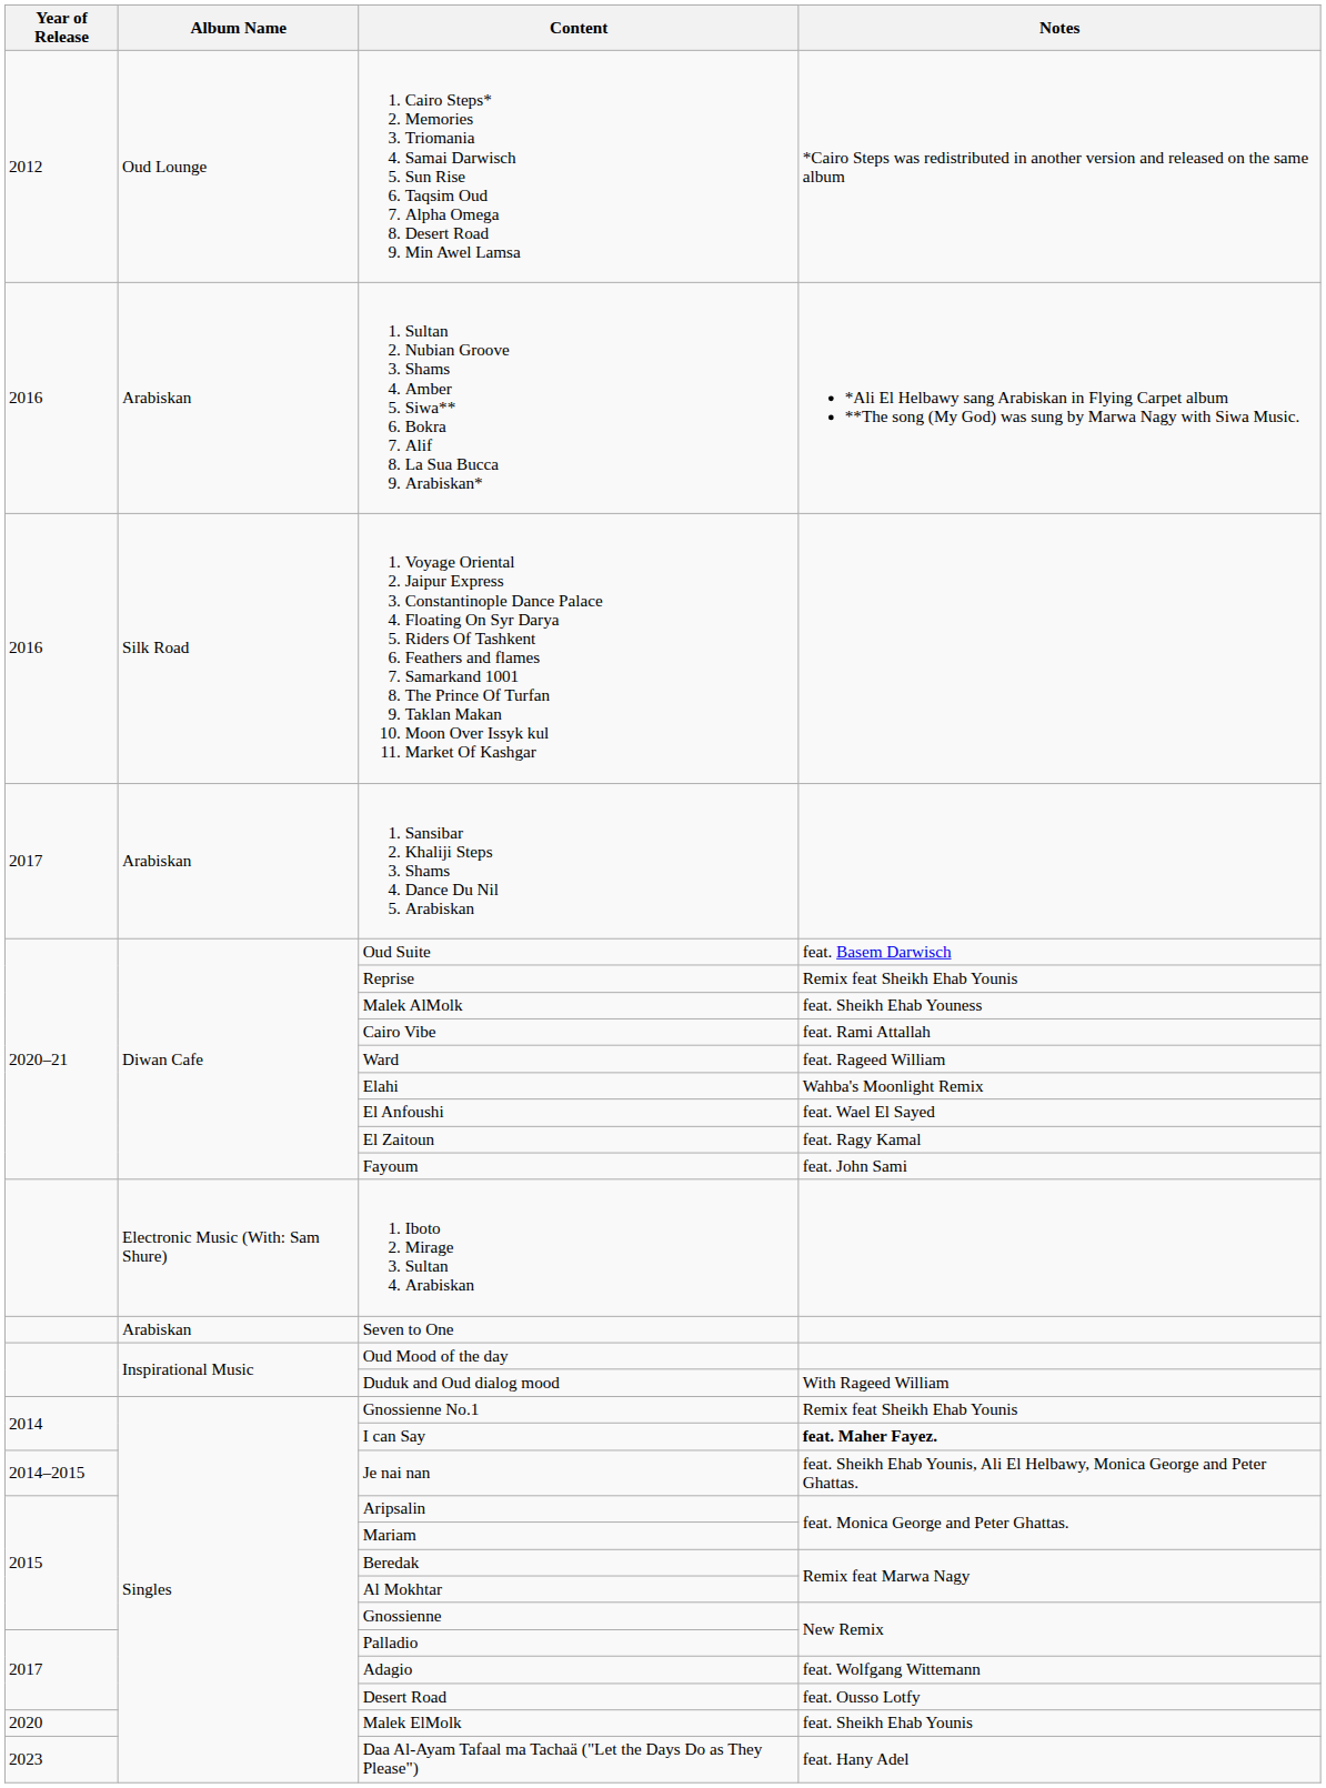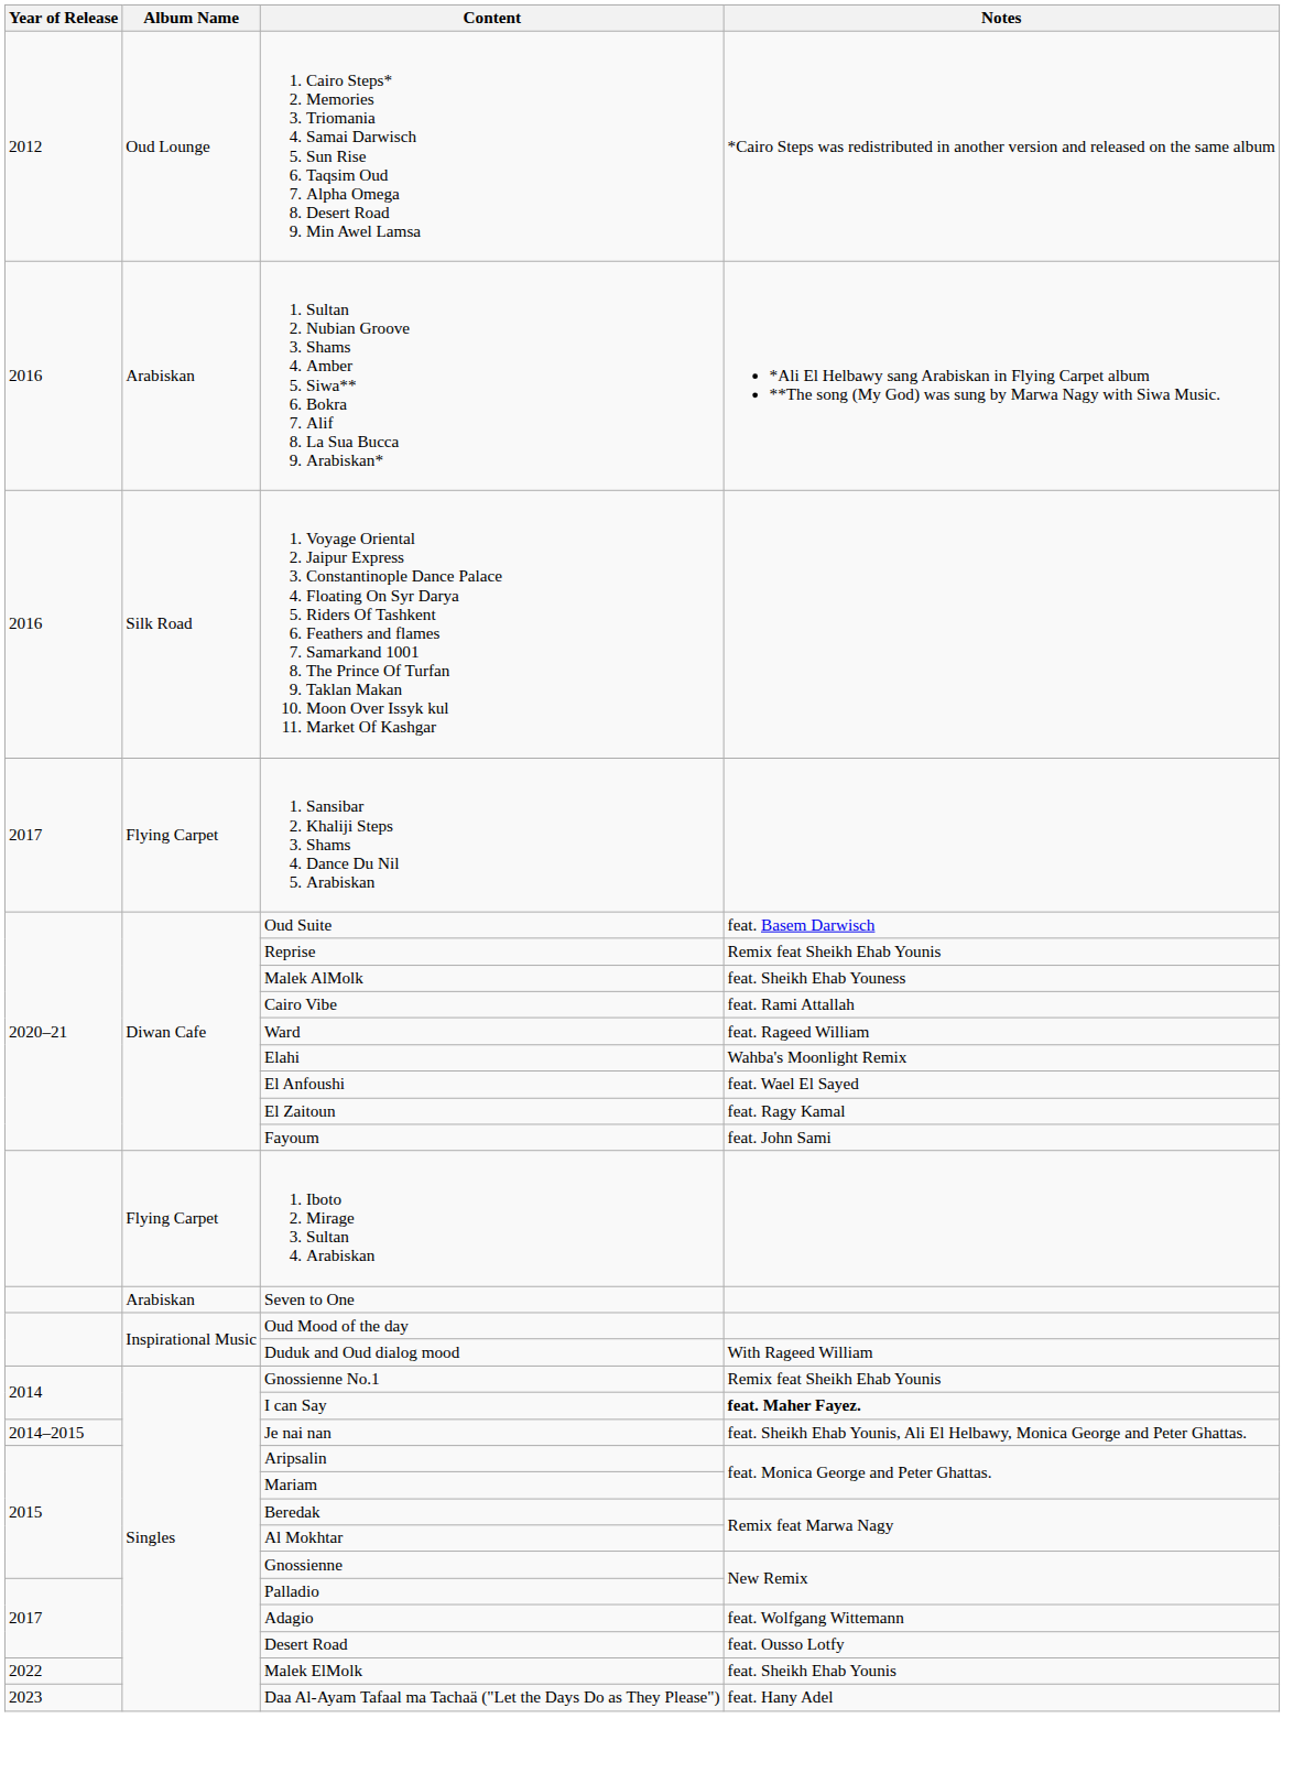 <table class="wikitable">
 <tr>
 <th>Year of Release</th>
 <th>Album Name</th>
 <th>Content</th>
 <th>Notes</th>
 </tr>
 <tr>
 <td>2012</td>
 <td>Oud Lounge</td>
 <td><br><ol><li>Cairo Steps*</li><li>Memories</li><li>Triomania</li><li>Samai Darwisch</li><li>Sun Rise</li><li>Taqsim Oud</li><li>Alpha Omega</li><li>Desert Road</li><li>Min Awel Lamsa</li></ol></td>
 <td>*Cairo Steps was redistributed in another version and released on the same album</td>
 </tr>
 <tr>
 <td>2016</td>
 <td>Arabiskan</td>
 <td><br><ol><li>Sultan</li><li>Nubian Groove</li><li>Shams</li><li>Amber</li><li>Siwa**</li><li>Bokra</li><li>Alif</li><li>La Sua Bucca</li><li>Arabiskan*</li></ol></td>
 <td><br><ul><li>*Ali El Helbawy sang Arabiskan in Flying Carpet album</li><li>**The song (My God) was sung by Marwa Nagy with Siwa Music.</li></ul></td>
 </tr>
 <tr>
 <td>2016</td>
 <td>Silk Road</td>
 <td><br><ol><li>Voyage Oriental</li><li>Jaipur Express</li><li>Constantinople Dance Palace</li><li>Floating On Syr Darya</li><li>Riders Of Tashkent</li><li>Feathers and flames</li><li>Samarkand 1001</li><li>The Prince Of Turfan</li><li>Taklan Makan</li><li>Moon Over Issyk kul</li><li>Market Of Kashgar</li></ol></td>
 <td></td>
 </tr>
 <tr>
 <td>2017</td>
-<td>Arabiskan</td>
+<td>Flying Carpet</td>
 <td><br><ol><li>Sansibar</li><li>Khaliji Steps</li><li>Shams</li><li>Dance Du Nil</li><li>Arabiskan</li></ol></td>
 <td></td>
 </tr>
 <tr>
 <td rowspan="9">2020–21</td>
 <td rowspan="9">Diwan Cafe</td>
 <td>Oud Suite</td>
 <td>feat. <a href='#'>Basem Darwisch</a></td>
 </tr>
 <tr>
 <td>Reprise</td>
 <td>Remix feat Sheikh Ehab Younis</td>
 </tr>
 <tr>
 <td>Malek AlMolk</td>
 <td>feat. Sheikh Ehab Youness</td>
 </tr>
 <tr>
 <td>Cairo Vibe</td>
 <td>feat. Rami Attallah</td>
 </tr>
 <tr>
 <td>Ward</td>
 <td>feat. Rageed William</td>
 </tr>
 <tr>
 <td>Elahi</td>
 <td>Wahba's Moonlight Remix</td>
 </tr>
 <tr>
 <td>El Anfoushi</td>
 <td>feat. Wael El Sayed</td>
 </tr>
 <tr>
 <td>El Zaitoun</td>
 <td>feat. Ragy Kamal</td>
 </tr>
 <tr>
 <td>Fayoum</td>
 <td>feat. John Sami</td>
 </tr>
 <tr>
 <td></td>
-<td>Electronic Music (With: Sam Shure)</td>
+<td>Flying Carpet</td>
 <td><br><ol><li>Iboto</li><li>Mirage</li><li>Sultan</li><li>Arabiskan</li></ol></td>
 <td></td>
 </tr>
 <tr>
 <td></td>
 <td>Arabiskan</td>
 <td>Seven to One</td>
 <td></td>
 </tr>
 <tr>
 <td rowspan="2"></td>
 <td rowspan="2">Inspirational Music</td>
 <td>Oud Mood of the day</td>
 <td></td>
 </tr>
 <tr>
 <td>Duduk and Oud dialog mood</td>
 <td>With Rageed William</td>
 </tr>
 <tr>
 <td rowspan="2">2014</td>
 <td rowspan="13">Singles</td>
 <td>Gnossienne No.1</td>
 <td>Remix feat Sheikh Ehab Younis</td>
 </tr>
 <tr>
 <td>I can Say</td>
 <td><strong>feat. Maher Fayez.</strong></td>
 </tr>
 <tr>
 <td>2014–2015</td>
 <td>Je nai nan</td>
 <td>feat. Sheikh Ehab Younis, Ali El Helbawy, Monica George and Peter Ghattas.</td>
 </tr>
 <tr>
 <td rowspan="5">2015</td>
 <td>Aripsalin</td>
 <td rowspan="2">feat. Monica George and Peter Ghattas.</td>
 </tr>
 <tr>
 <td>Mariam</td>
 </tr>
 <tr>
 <td>Beredak</td>
 <td rowspan="2">Remix feat Marwa Nagy</td>
 </tr>
 <tr>
 <td>Al Mokhtar</td>
 </tr>
 <tr>
 <td>Gnossienne</td>
 <td rowspan="2">New Remix</td>
 </tr>
 <tr>
 <td rowspan="3">2017</td>
 <td>Palladio</td>
 </tr>
 <tr>
 <td>Adagio</td>
 <td>feat. Wolfgang Wittemann</td>
 </tr>
 <tr>
 <td>Desert Road</td>
 <td>feat. Ousso Lotfy</td>
 </tr>
 <tr>
-<td>2020</td>
+<td>2022</td>
 <td>Malek ElMolk</td>
 <td>feat. Sheikh Ehab Younis</td>
 </tr>
 <tr>
 <td>2023</td>
 <td>Daa Al-Ayam Tafaal ma Tachaä ("Let the Days Do as They Please")</td>
 <td>feat. Hany Adel</td>
 </tr>
 </table>
